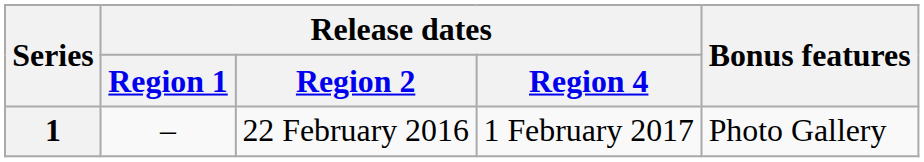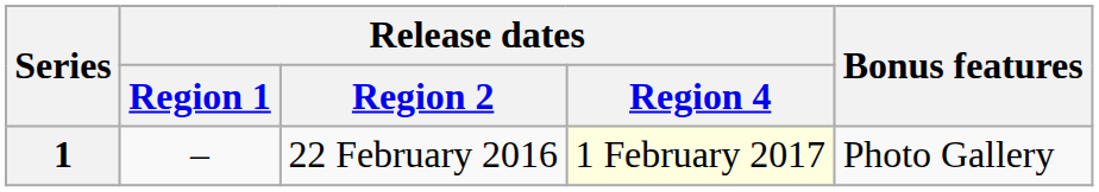 <table class="wikitable" style="text-align:center">
 <tr>
 <th rowspan="2">Series</th>
 <th colspan="3">Release dates</th>
 <th rowspan="2">Bonus features</th>
 </tr>
 <tr>
 <th><a href='#'>Region 1</a></th>
 <th><a href='#'>Region 2</a></th>
 <th><a href='#'>Region 4</a></th>
 </tr>
 <tr>
 <th>1</th>
 <td style="white-space:nowrap;">–</td>
 <td>22 February 2016</td>
-<td>1 February 2017</td>
+<td style="background: lightyellow;">1 February 2017</td>
 <td style="text-align:left;">Photo Gallery</td>
 </tr>
 </table>
